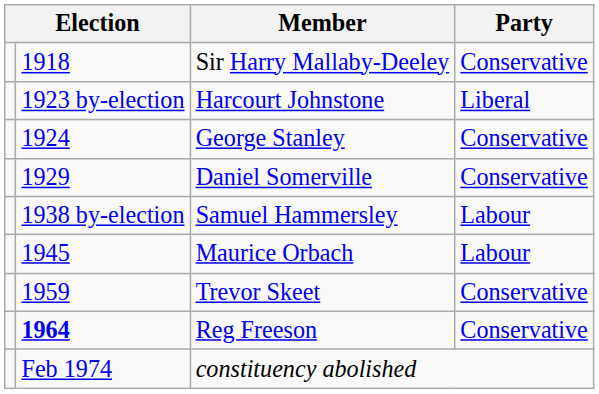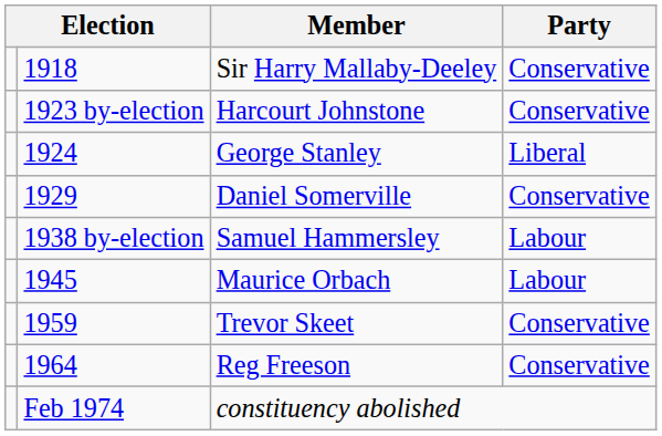 <table class="wikitable">
 <tr>
 <th colspan="2">Election</th>
 <th>Member</th>
 <th>Party</th>
 </tr>
 <tr>
 <td style="color:inherit;background-color: "></td>
 <td><a href='#'>1918</a></td>
 <td>Sir <a href='#'>Harry Mallaby-Deeley</a></td>
 <td><a href='#'>Conservative</a></td>
 </tr>
 <tr>
 <td style="color:inherit;background-color: "></td>
 <td><a href='#'>1923 by-election</a></td>
 <td><a href='#'>Harcourt Johnstone</a></td>
-<td><a href='#'>Liberal</a></td>
+<td><a href='#'>Conservative</a></td>
 </tr>
 <tr>
 <td style="color:inherit;background-color: "></td>
 <td><a href='#'>1924</a></td>
 <td><a href='#'>George Stanley</a></td>
-<td><a href='#'>Conservative</a></td>
+<td><a href='#'>Liberal</a></td>
 </tr>
 <tr>
 <td style="color:inherit;background-color: "></td>
 <td><a href='#'>1929</a></td>
 <td><a href='#'>Daniel Somerville</a></td>
 <td><a href='#'>Conservative</a></td>
 </tr>
 <tr>
 <td style="color:inherit;background-color: "></td>
 <td><a href='#'>1938 by-election</a></td>
 <td><a href='#'>Samuel Hammersley</a></td>
 <td><a href='#'>Labour</a></td>
 </tr>
 <tr>
 <td style="color:inherit;background-color: "></td>
 <td><a href='#'>1945</a></td>
 <td><a href='#'>Maurice Orbach</a></td>
 <td><a href='#'>Labour</a></td>
 </tr>
 <tr>
 <td style="color:inherit;background-color: "></td>
 <td><a href='#'>1959</a></td>
 <td><a href='#'>Trevor Skeet</a></td>
 <td><a href='#'>Conservative</a></td>
 </tr>
 <tr>
 <td style="color:inherit;background-color: "></td>
-<td><strong><a href='#'>1964</a></strong></td>
+<td><a href='#'>1964</a></td>
 <td><a href='#'>Reg Freeson</a></td>
 <td><a href='#'>Conservative</a></td>
 </tr>
 <tr>
 <td></td>
 <td><a href='#'>Feb 1974</a></td>
 <td colspan="2"><em>constituency abolished</em></td>
 </tr>
 </table>
